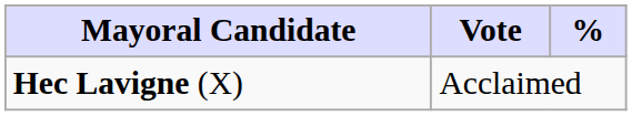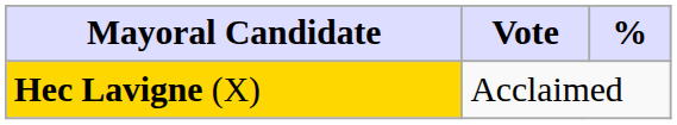 <table class="wikitable">
 <tr>
 <th style="background:#ddf; width:200px;">Mayoral Candidate</th>
 <th style="background:#ddf; width:50px;">Vote</th>
 <th style="background:#ddf; width:30px;">%</th>
 </tr>
 <tr>
-<td><strong>Hec Lavigne</strong> (X)</td>
+<td style="background: gold;"><strong>Hec Lavigne</strong> (X)</td>
 <td colspan="2">Acclaimed</td>
 </tr>
 </table>
